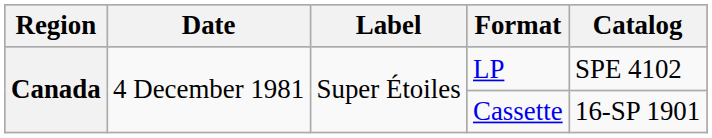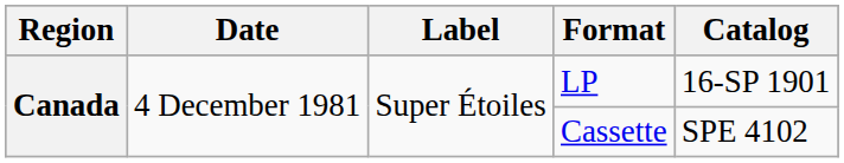 <table class="wikitable plainrowheaders">
 <tr>
 <th>Region</th>
 <th>Date</th>
 <th>Label</th>
 <th>Format</th>
 <th>Catalog</th>
 </tr>
 <tr>
 <th scope="row" rowspan="2">Canada</th>
 <td rowspan="2">4 December 1981</td>
 <td rowspan="2">Super Étoiles</td>
 <td><a href='#'>LP</a></td>
-<td>SPE 4102</td>
+<td>16-SP 1901</td>
 </tr>
 <tr>
 <td><a href='#'>Cassette</a></td>
-<td>16-SP 1901</td>
+<td>SPE 4102</td>
 </tr>
 </table>
